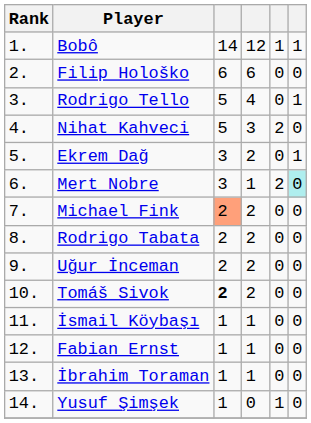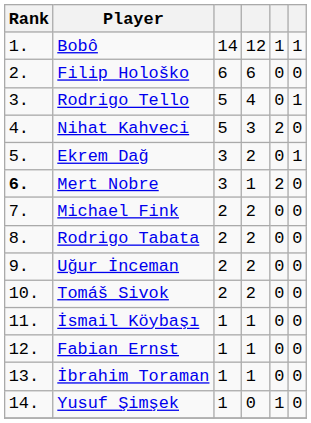 <table class="wikitable">
 <tr>
 <th>Rank</th>
 <th>Player</th>
 <th></th>
 <th></th>
 <th></th>
 <th></th>
 </tr>
 <tr>
 <td>1.</td>
 <td><a href='#'>Bobô</a></td>
 <td>14</td>
 <td>12</td>
 <td>1</td>
 <td>1</td>
 </tr>
 <tr>
 <td>2.</td>
 <td><a href='#'>Filip Hološko</a></td>
 <td>6</td>
 <td>6</td>
 <td>0</td>
 <td>0</td>
 </tr>
 <tr>
 <td>3.</td>
 <td><a href='#'>Rodrigo Tello</a></td>
 <td>5</td>
 <td>4</td>
 <td>0</td>
 <td>1</td>
 </tr>
 <tr>
 <td>4.</td>
 <td><a href='#'>Nihat Kahveci</a></td>
 <td>5</td>
 <td>3</td>
 <td>2</td>
 <td>0</td>
 </tr>
 <tr>
 <td>5.</td>
 <td><a href='#'>Ekrem Dağ</a></td>
 <td>3</td>
 <td>2</td>
 <td>0</td>
 <td>1</td>
 </tr>
 <tr>
-<td>6.</td>
+<td><strong>6.</strong></td>
 <td><a href='#'>Mert Nobre</a></td>
 <td>3</td>
 <td>1</td>
 <td>2</td>
-<td style="background: paleturquoise;">0</td>
+<td>0</td>
 </tr>
 <tr>
 <td>7.</td>
 <td><a href='#'>Michael Fink</a></td>
-<td style="background: lightsalmon;">2</td>
+<td>2</td>
 <td>2</td>
 <td>0</td>
 <td>0</td>
 </tr>
 <tr>
 <td>8.</td>
 <td><a href='#'>Rodrigo Tabata</a></td>
 <td>2</td>
 <td>2</td>
 <td>0</td>
 <td>0</td>
 </tr>
 <tr>
 <td>9.</td>
 <td><a href='#'>Uğur İnceman</a></td>
 <td>2</td>
 <td>2</td>
 <td>0</td>
 <td>0</td>
 </tr>
 <tr>
 <td>10.</td>
 <td><a href='#'>Tomáš Sivok</a></td>
-<td><strong>2</strong></td>
+<td>2</td>
 <td>2</td>
 <td>0</td>
 <td>0</td>
 </tr>
 <tr>
 <td>11.</td>
 <td><a href='#'>İsmail Köybaşı</a></td>
 <td>1</td>
 <td>1</td>
 <td>0</td>
 <td>0</td>
 </tr>
 <tr>
 <td>12.</td>
 <td><a href='#'>Fabian Ernst</a></td>
 <td>1</td>
 <td>1</td>
 <td>0</td>
 <td>0</td>
 </tr>
 <tr>
 <td>13.</td>
 <td><a href='#'>İbrahim Toraman</a></td>
 <td>1</td>
 <td>1</td>
 <td>0</td>
 <td>0</td>
 </tr>
 <tr>
 <td>14.</td>
 <td><a href='#'>Yusuf Şimşek</a></td>
 <td>1</td>
 <td>0</td>
 <td>1</td>
 <td>0</td>
 </tr>
 <tr>
 </tr>
 </table>
